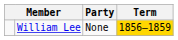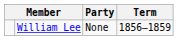 <table class="wikitable">
 <tr>
 <th colspan="2">Member</th>
 <th>Party</th>
 <th>Term</th>
 </tr>
 <tr>
 <td> </td>
 <td><a href='#'>William Lee</a></td>
 <td>None</td>
-<td style="background: gold;">1856–1859</td>
+<td>1856–1859</td>
 </tr>
 </table>
